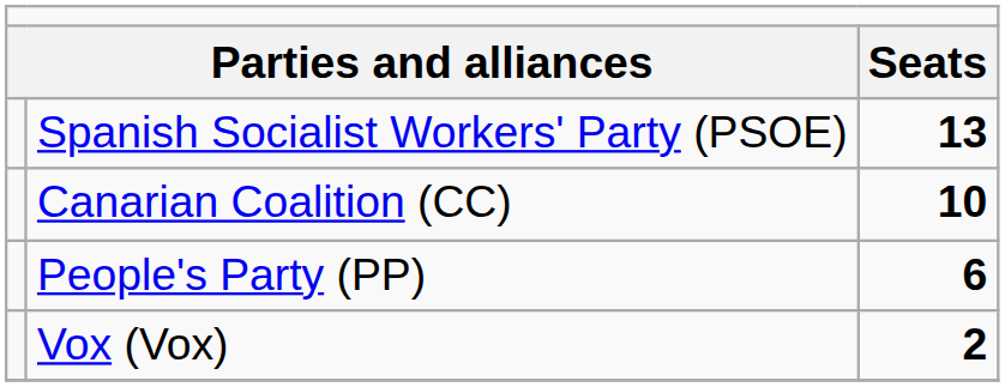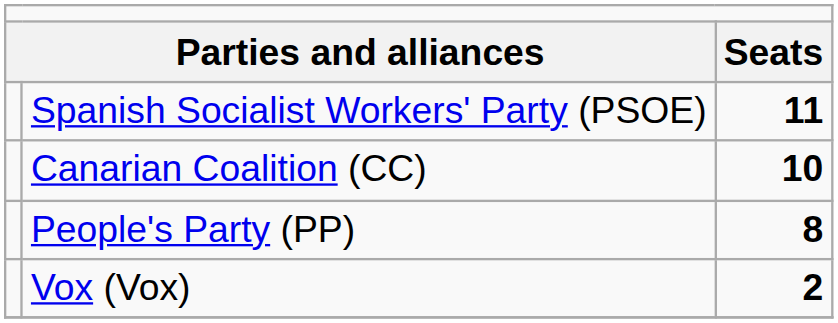 <table class="wikitable" style="text-align:right;">
 <tr>
 <td colspan="7"></td>
 </tr>
 <tr>
 <th colspan="2">Parties and alliances</th>
 <th colspan="2">Seats</th>
 </tr>
 <tr>
 <td style="color:inherit;background:"></td>
 <td align="left"><a href='#'>Spanish Socialist Workers' Party</a> (PSOE)</td>
-<td><strong>13</strong></td>
+<td><strong>11</strong></td>
 </tr>
 <tr>
 <td style="color:inherit;background:"></td>
 <td align="left"><a href='#'>Canarian Coalition</a> (CC)</td>
 <td><strong>10</strong></td>
 </tr>
 <tr>
 <td style="color:inherit;background:"></td>
 <td align="left"><a href='#'>People's Party</a> (PP)</td>
-<td><strong>6</strong></td>
+<td><strong>8</strong></td>
 </tr>
 <tr>
 <td style="color:inherit;background:"></td>
 <td align="left"><a href='#'>Vox</a> (Vox)</td>
 <td><strong>2</strong></td>
 </tr>
 <tr>
 </tr>
 </table>
